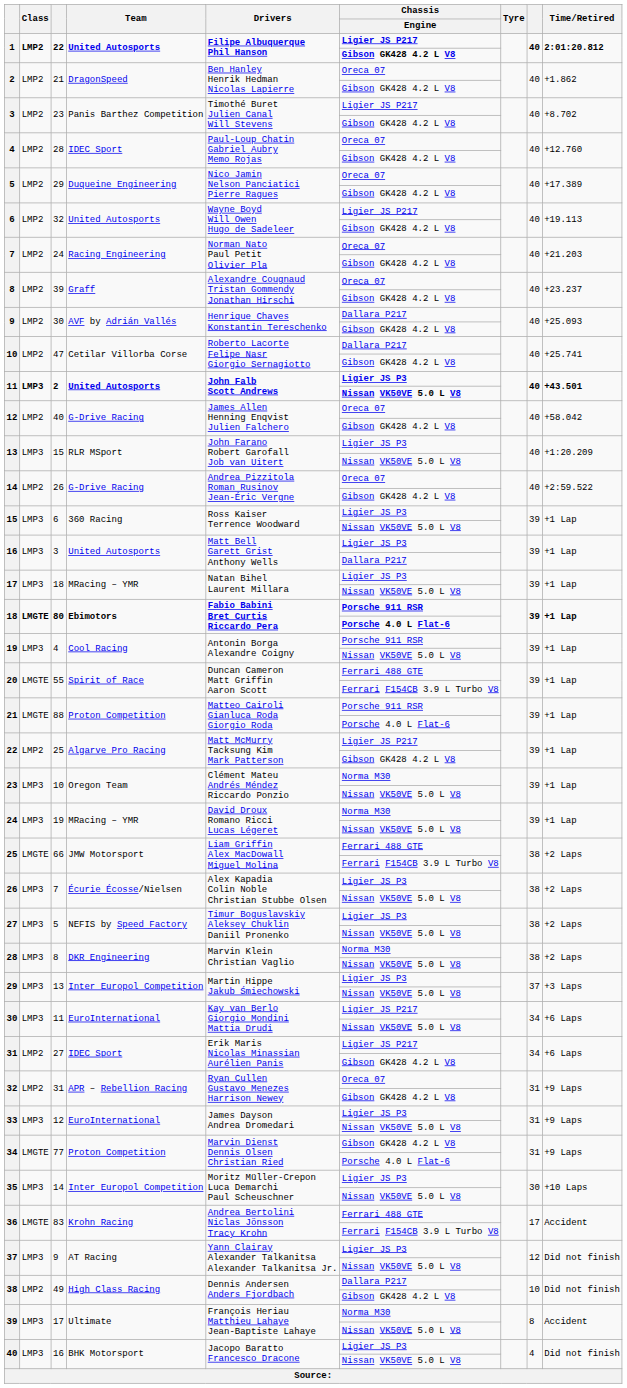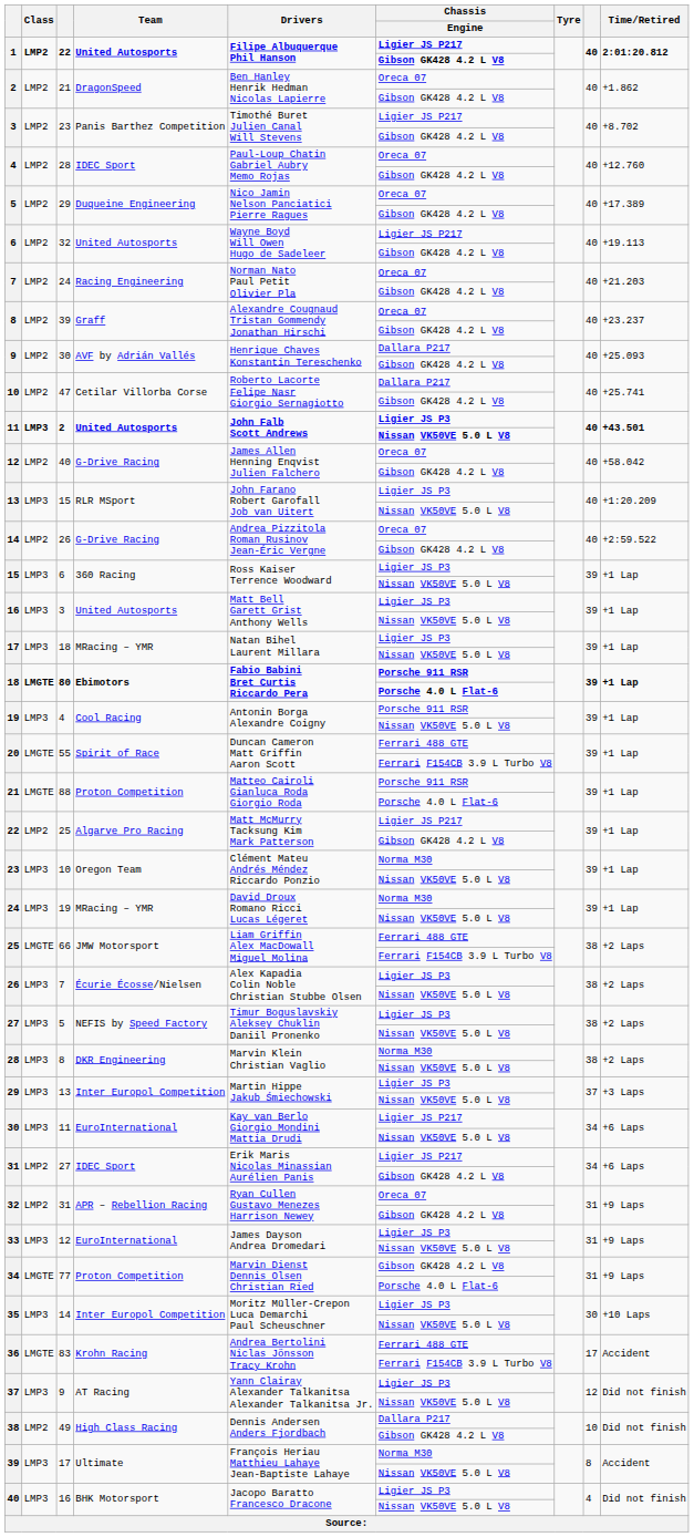 <table class="wikitable" style="font-size:95%;">
 <tr>
 <th rowspan=2></th>
 <th rowspan=2>Class</th>
 <th rowspan=2></th>
 <th rowspan=2>Team</th>
 <th rowspan=2>Drivers</th>
 <th>Chassis</th>
 <th rowspan=2>Tyre</th>
 <th rowspan=2></th>
 <th rowspan=2>Time/Retired</th>
 </tr>
 <tr>
 <th>Engine</th>
 </tr>
 <tr>
 <th rowspan=2>1</th>
 <td rowspan=2><strong>LMP2</strong></td>
 <td rowspan=2><strong>22</strong></td>
 <td rowspan=2><strong> <a href='#'>United Autosports</a></strong></td>
 <td rowspan=2><strong> <a href='#'>Filipe Albuquerque</a><br> <a href='#'>Phil Hanson</a></strong></td>
 <td><strong><a href='#'>Ligier JS P217</a></strong></td>
 <td rowspan=2></td>
 <td rowspan=2><strong>40</strong></td>
 <td rowspan=2><strong>2:01:20.812</strong></td>
 </tr>
 <tr>
 <td><strong><a href='#'>Gibson</a> GK428 4.2 L <a href='#'>V8</a></strong></td>
 </tr>
 <tr>
 <th rowspan=2>2</th>
 <td rowspan=2>LMP2</td>
 <td rowspan=2>21</td>
 <td rowspan=2> <a href='#'>DragonSpeed</a></td>
 <td rowspan=2> <a href='#'>Ben Hanley</a><br> Henrik Hedman<br> <a href='#'>Nicolas Lapierre</a></td>
 <td><a href='#'>Oreca 07</a></td>
 <td rowspan=2></td>
 <td rowspan=2>40</td>
 <td rowspan=2>+1.862</td>
 </tr>
 <tr>
 <td><a href='#'>Gibson</a> GK428 4.2 L <a href='#'>V8</a></td>
 </tr>
 <tr>
 <th rowspan=2>3</th>
 <td rowspan=2>LMP2</td>
 <td rowspan=2>23</td>
 <td rowspan=2> Panis Barthez Competition</td>
 <td rowspan=2> Timothé Buret<br> <a href='#'>Julien Canal</a><br> <a href='#'>Will Stevens</a></td>
 <td><a href='#'>Ligier JS P217</a></td>
 <td rowspan=2></td>
 <td rowspan=2>40</td>
 <td rowspan=2>+8.702</td>
 </tr>
 <tr>
 <td><a href='#'>Gibson</a> GK428 4.2 L <a href='#'>V8</a></td>
 </tr>
 <tr>
 <th rowspan=2>4</th>
 <td rowspan=2>LMP2</td>
 <td rowspan=2>28</td>
 <td rowspan=2> <a href='#'>IDEC Sport</a></td>
 <td rowspan=2> <a href='#'>Paul-Loup Chatin</a><br> <a href='#'>Gabriel Aubry</a><br> <a href='#'>Memo Rojas</a></td>
 <td><a href='#'>Oreca 07</a></td>
 <td rowspan=2></td>
 <td rowspan=2>40</td>
 <td rowspan=2>+12.760</td>
 </tr>
 <tr>
 <td><a href='#'>Gibson</a> GK428 4.2 L <a href='#'>V8</a></td>
 </tr>
 <tr>
 <th rowspan=2>5</th>
 <td rowspan=2>LMP2</td>
 <td rowspan=2>29</td>
 <td rowspan=2> <a href='#'>Duqueine Engineering</a></td>
 <td rowspan=2> <a href='#'>Nico Jamin</a><br> <a href='#'>Nelson Panciatici</a><br> <a href='#'>Pierre Ragues</a></td>
 <td><a href='#'>Oreca 07</a></td>
 <td rowspan=2></td>
 <td rowspan=2>40</td>
 <td rowspan=2>+17.389</td>
 </tr>
 <tr>
 <td><a href='#'>Gibson</a> GK428 4.2 L <a href='#'>V8</a></td>
 </tr>
 <tr>
 <th rowspan=2>6</th>
 <td rowspan=2>LMP2</td>
 <td rowspan=2>32</td>
 <td rowspan=2> <a href='#'>United Autosports</a></td>
 <td rowspan=2> <a href='#'>Wayne Boyd</a><br> <a href='#'>Will Owen</a><br> <a href='#'>Hugo de Sadeleer</a></td>
 <td><a href='#'>Ligier JS P217</a></td>
 <td rowspan=2></td>
 <td rowspan=2>40</td>
 <td rowspan=2>+19.113</td>
 </tr>
 <tr>
 <td><a href='#'>Gibson</a> GK428 4.2 L <a href='#'>V8</a></td>
 </tr>
 <tr>
 <th rowspan=2>7</th>
 <td rowspan=2>LMP2</td>
 <td rowspan=2>24</td>
 <td rowspan=2> <a href='#'>Racing Engineering</a></td>
 <td rowspan=2> <a href='#'>Norman Nato</a><br> Paul Petit<br> <a href='#'>Olivier Pla</a></td>
 <td><a href='#'>Oreca 07</a></td>
 <td rowspan=2></td>
 <td rowspan=2>40</td>
 <td rowspan=2>+21.203</td>
 </tr>
 <tr>
 <td><a href='#'>Gibson</a> GK428 4.2 L <a href='#'>V8</a></td>
 </tr>
 <tr>
 <th rowspan=2>8</th>
 <td rowspan=2>LMP2</td>
 <td rowspan=2>39</td>
 <td rowspan=2> <a href='#'>Graff</a></td>
 <td rowspan=2> <a href='#'>Alexandre Cougnaud</a><br> <a href='#'>Tristan Gommendy</a><br> <a href='#'>Jonathan Hirschi</a></td>
 <td><a href='#'>Oreca 07</a></td>
 <td rowspan=2></td>
 <td rowspan=2>40</td>
 <td rowspan=2>+23.237</td>
 </tr>
 <tr>
 <td><a href='#'>Gibson</a> GK428 4.2 L <a href='#'>V8</a></td>
 </tr>
 <tr>
 <th rowspan=2>9</th>
 <td rowspan=2>LMP2</td>
 <td rowspan=2>30</td>
 <td rowspan=2> <a href='#'>AVF</a> by <a href='#'>Adrián Vallés</a></td>
 <td rowspan=2> <a href='#'>Henrique Chaves</a><br> <a href='#'>Konstantin Tereschenko</a></td>
 <td><a href='#'>Dallara P217</a></td>
 <td rowspan=2></td>
 <td rowspan=2>40</td>
 <td rowspan=2>+25.093</td>
 </tr>
 <tr>
 <td><a href='#'>Gibson</a> GK428 4.2 L <a href='#'>V8</a></td>
 </tr>
 <tr>
 <th rowspan=2>10</th>
 <td rowspan=2>LMP2</td>
 <td rowspan=2>47</td>
 <td rowspan=2> Cetilar Villorba Corse</td>
 <td rowspan=2> <a href='#'>Roberto Lacorte</a><br> <a href='#'>Felipe Nasr</a><br> <a href='#'>Giorgio Sernagiotto</a></td>
 <td><a href='#'>Dallara P217</a></td>
 <td rowspan=2></td>
 <td rowspan=2>40</td>
 <td rowspan=2>+25.741</td>
 </tr>
 <tr>
 <td><a href='#'>Gibson</a> GK428 4.2 L <a href='#'>V8</a></td>
 </tr>
 <tr>
 <th rowspan=2>11</th>
 <td rowspan=2><strong>LMP3</strong></td>
 <td rowspan=2><strong>2</strong></td>
 <td rowspan=2><strong> <a href='#'>United Autosports</a></strong></td>
 <td rowspan=2><strong> <a href='#'>John Falb</a><br> <a href='#'>Scott Andrews</a></strong></td>
 <td><strong><a href='#'>Ligier JS P3</a></strong></td>
 <td rowspan=2></td>
 <td rowspan=2><strong>40</strong></td>
 <td rowspan=2><strong>+43.501</strong></td>
 </tr>
 <tr>
 <td><strong><a href='#'>Nissan</a> <a href='#'>VK50VE</a> 5.0 L <a href='#'>V8</a></strong></td>
 </tr>
 <tr>
 <th rowspan=2>12</th>
 <td rowspan=2>LMP2</td>
 <td rowspan=2>40</td>
 <td rowspan=2> <a href='#'>G-Drive Racing</a></td>
 <td rowspan=2> <a href='#'>James Allen</a><br> Henning Enqvist<br> <a href='#'>Julien Falchero</a></td>
 <td><a href='#'>Oreca 07</a></td>
 <td rowspan=2></td>
 <td rowspan=2>40</td>
 <td rowspan=2>+58.042</td>
 </tr>
 <tr>
 <td><a href='#'>Gibson</a> GK428 4.2 L <a href='#'>V8</a></td>
 </tr>
 <tr>
 <th rowspan=2>13</th>
 <td rowspan=2>LMP3</td>
 <td rowspan=2>15</td>
 <td rowspan=2> RLR MSport</td>
 <td rowspan=2> <a href='#'>John Farano</a><br> Robert Garofall<br> <a href='#'>Job van Uitert</a></td>
 <td><a href='#'>Ligier JS P3</a></td>
 <td rowspan=2></td>
 <td rowspan=2>40</td>
 <td rowspan=2>+1:20.209</td>
 </tr>
 <tr>
 <td><a href='#'>Nissan</a> <a href='#'>VK50VE</a> 5.0 L <a href='#'>V8</a></td>
 </tr>
 <tr>
 <th rowspan=2>14</th>
 <td rowspan=2>LMP2</td>
 <td rowspan=2>26</td>
 <td rowspan=2> <a href='#'>G-Drive Racing</a></td>
 <td rowspan=2> <a href='#'>Andrea Pizzitola</a><br> <a href='#'>Roman Rusinov</a><br> <a href='#'>Jean-Éric Vergne</a></td>
 <td><a href='#'>Oreca 07</a></td>
 <td rowspan=2></td>
 <td rowspan=2>40</td>
 <td rowspan=2>+2:59.522</td>
 </tr>
 <tr>
 <td><a href='#'>Gibson</a> GK428 4.2 L <a href='#'>V8</a></td>
 </tr>
 <tr>
 <th rowspan=2>15</th>
 <td rowspan=2>LMP3</td>
 <td rowspan=2>6</td>
 <td rowspan=2> 360 Racing</td>
 <td rowspan=2> Ross Kaiser<br> Terrence Woodward</td>
 <td><a href='#'>Ligier JS P3</a></td>
 <td rowspan=2></td>
 <td rowspan=2>39</td>
 <td rowspan=2>+1 Lap</td>
 </tr>
 <tr>
 <td><a href='#'>Nissan</a> <a href='#'>VK50VE</a> 5.0 L <a href='#'>V8</a></td>
 </tr>
 <tr>
 <th rowspan=2>16</th>
 <td rowspan=2>LMP3</td>
 <td rowspan=2>3</td>
 <td rowspan=2> <a href='#'>United Autosports</a></td>
 <td rowspan=2> <a href='#'>Matt Bell</a><br> <a href='#'>Garett Grist</a><br> Anthony Wells</td>
 <td><a href='#'>Ligier JS P3</a></td>
 <td rowspan=2></td>
 <td rowspan=2>39</td>
 <td rowspan=2>+1 Lap</td>
 </tr>
 <tr>
-<td><a href='#'>Dallara P217</a></td>
+<td><a href='#'>Nissan</a> <a href='#'>VK50VE</a> 5.0 L <a href='#'>V8</a></td>
 </tr>
 <tr>
 <th rowspan=2>17</th>
 <td rowspan=2>LMP3</td>
 <td rowspan=2>18</td>
 <td rowspan=2> MRacing – YMR</td>
 <td rowspan=2> Natan Bihel<br> Laurent Millara</td>
 <td><a href='#'>Ligier JS P3</a></td>
 <td rowspan=2></td>
 <td rowspan=2>39</td>
 <td rowspan=2>+1 Lap</td>
 </tr>
 <tr>
 <td><a href='#'>Nissan</a> <a href='#'>VK50VE</a> 5.0 L <a href='#'>V8</a></td>
 </tr>
 <tr>
 <th rowspan=2>18</th>
 <td rowspan=2><strong>LMGTE</strong></td>
 <td rowspan=2><strong>80</strong></td>
 <td rowspan=2><strong> Ebimotors</strong></td>
 <td rowspan=2><strong> <a href='#'>Fabio Babini</a><br> <a href='#'>Bret Curtis</a><br> <a href='#'>Riccardo Pera</a></strong></td>
 <td><a href='#'><strong>Porsche 911 RSR</strong></a></td>
 <td rowspan=2></td>
 <td rowspan=2><strong>39</strong></td>
 <td rowspan=2><strong>+1 Lap</strong></td>
 </tr>
 <tr>
 <td><strong><a href='#'>Porsche</a> 4.0 L <a href='#'>Flat-6</a></strong></td>
 </tr>
 <tr>
 <th rowspan=2>19</th>
 <td rowspan=2>LMP3</td>
 <td rowspan=2>4</td>
 <td rowspan=2> <a href='#'>Cool Racing</a></td>
 <td rowspan=2> Antonin Borga<br> Alexandre Coigny</td>
 <td><a href='#'>Porsche 911 RSR</a></td>
 <td rowspan=2></td>
 <td rowspan=2>39</td>
 <td rowspan=2>+1 Lap</td>
 </tr>
 <tr>
 <td><a href='#'>Nissan</a> <a href='#'>VK50VE</a> 5.0 L <a href='#'>V8</a></td>
 </tr>
 <tr>
 <th rowspan=2>20</th>
 <td rowspan=2>LMGTE</td>
 <td rowspan=2>55</td>
 <td rowspan=2> <a href='#'>Spirit of Race</a></td>
 <td rowspan=2> Duncan Cameron<br> Matt Griffin<br> Aaron Scott</td>
 <td><a href='#'>Ferrari 488 GTE</a></td>
 <td rowspan=2></td>
 <td rowspan=2>39</td>
 <td rowspan=2>+1 Lap</td>
 </tr>
 <tr>
 <td><a href='#'>Ferrari</a> <a href='#'>F154CB</a> 3.9 L Turbo <a href='#'>V8</a></td>
 </tr>
 <tr>
 <th rowspan=2>21</th>
 <td rowspan=2>LMGTE</td>
 <td rowspan=2>88</td>
 <td rowspan=2> <a href='#'>Proton Competition</a></td>
 <td rowspan=2 nowrap> <a href='#'>Matteo Cairoli</a><br> <a href='#'>Gianluca Roda</a><br> <a href='#'>Giorgio Roda</a></td>
 <td><a href='#'>Porsche 911 RSR</a></td>
 <td rowspan=2></td>
 <td rowspan=2>39</td>
 <td rowspan=2>+1 Lap</td>
 </tr>
 <tr>
 <td><a href='#'>Porsche</a> 4.0 L <a href='#'>Flat-6</a></td>
 </tr>
 <tr>
 <th rowspan=2>22</th>
 <td rowspan=2>LMP2</td>
 <td rowspan=2>25</td>
 <td rowspan=2> <a href='#'>Algarve Pro Racing</a></td>
 <td rowspan=2> <a href='#'>Matt McMurry</a><br> Tacksung Kim<br> <a href='#'>Mark Patterson</a></td>
 <td><a href='#'>Ligier JS P217</a></td>
 <td rowspan=2></td>
 <td rowspan=2>39</td>
 <td rowspan=2>+1 Lap</td>
 </tr>
 <tr>
 <td><a href='#'>Gibson</a> GK428 4.2 L <a href='#'>V8</a></td>
 </tr>
 <tr>
 <th rowspan=2>23</th>
 <td rowspan=2>LMP3</td>
 <td rowspan=2>10</td>
 <td rowspan=2> Oregon Team</td>
 <td rowspan=2> Clément Mateu<br> <a href='#'>Andrés Méndez</a><br> Riccardo Ponzio</td>
 <td><a href='#'>Norma M30</a></td>
 <td rowspan=2></td>
 <td rowspan=2>39</td>
 <td rowspan=2>+1 Lap</td>
 </tr>
 <tr>
 <td><a href='#'>Nissan</a> <a href='#'>VK50VE</a> 5.0 L <a href='#'>V8</a></td>
 </tr>
 <tr>
 <th rowspan=2>24</th>
 <td rowspan=2>LMP3</td>
 <td rowspan=2>19</td>
 <td rowspan=2> MRacing – YMR</td>
 <td rowspan=2> <a href='#'>David Droux</a><br> Romano Ricci<br> <a href='#'>Lucas Légeret</a></td>
 <td><a href='#'>Norma M30</a></td>
 <td rowspan=2></td>
 <td rowspan=2>39</td>
 <td rowspan=2>+1 Lap</td>
 </tr>
 <tr>
 <td><a href='#'>Nissan</a> <a href='#'>VK50VE</a> 5.0 L <a href='#'>V8</a></td>
 </tr>
 <tr>
 <th rowspan=2>25</th>
 <td rowspan=2>LMGTE</td>
 <td rowspan=2>66</td>
 <td rowspan=2> JMW Motorsport</td>
 <td rowspan=2> <a href='#'>Liam Griffin</a><br> <a href='#'>Alex MacDowall</a><br> <a href='#'>Miguel Molina</a></td>
 <td><a href='#'>Ferrari 488 GTE</a></td>
 <td rowspan=2></td>
 <td rowspan=2>38</td>
 <td rowspan=2>+2 Laps</td>
 </tr>
 <tr>
 <td><a href='#'>Ferrari</a> <a href='#'>F154CB</a> 3.9 L Turbo <a href='#'>V8</a></td>
 </tr>
 <tr>
 <th rowspan=2>26</th>
 <td rowspan=2>LMP3</td>
 <td rowspan=2>7</td>
 <td rowspan=2> <a href='#'>Écurie Écosse</a>/Nielsen</td>
 <td rowspan=2> Alex Kapadia<br> Colin Noble<br> Christian Stubbe Olsen</td>
 <td><a href='#'>Ligier JS P3</a></td>
 <td rowspan=2></td>
 <td rowspan=2>38</td>
 <td rowspan=2>+2 Laps</td>
 </tr>
 <tr>
 <td><a href='#'>Nissan</a> <a href='#'>VK50VE</a> 5.0 L <a href='#'>V8</a></td>
 </tr>
 <tr>
 <th rowspan=2>27</th>
 <td rowspan=2>LMP3</td>
 <td rowspan=2>5</td>
 <td rowspan=2> NEFIS by <a href='#'>Speed Factory</a></td>
 <td rowspan=2> <a href='#'>Timur Boguslavskiy</a><br> <a href='#'>Aleksey Chuklin</a><br> Daniil Pronenko</td>
 <td><a href='#'>Ligier JS P3</a></td>
 <td rowspan=2></td>
 <td rowspan=2>38</td>
 <td rowspan=2>+2 Laps</td>
 </tr>
 <tr>
 <td><a href='#'>Nissan</a> <a href='#'>VK50VE</a> 5.0 L <a href='#'>V8</a></td>
 </tr>
 <tr>
 <th rowspan=2>28</th>
 <td rowspan=2>LMP3</td>
 <td rowspan=2>8</td>
 <td rowspan=2> <a href='#'>DKR Engineering</a></td>
 <td rowspan=2> Marvin Klein<br> Christian Vaglio</td>
 <td><a href='#'>Norma M30</a></td>
 <td rowspan=2></td>
 <td rowspan=2>38</td>
 <td rowspan=2>+2 Laps</td>
 </tr>
 <tr>
 <td><a href='#'>Nissan</a> <a href='#'>VK50VE</a> 5.0 L <a href='#'>V8</a></td>
 </tr>
 <tr>
 <th rowspan=2>29</th>
 <td rowspan=2>LMP3</td>
 <td rowspan=2>13</td>
 <td rowspan=2> <a href='#'>Inter Europol Competition</a></td>
 <td rowspan=2> Martin Hippe<br> <a href='#'>Jakub Śmiechowski</a></td>
 <td><a href='#'>Ligier JS P3</a></td>
 <td rowspan=2></td>
 <td rowspan=2>37</td>
 <td rowspan=2>+3 Laps</td>
 </tr>
 <tr>
 <td><a href='#'>Nissan</a> <a href='#'>VK50VE</a> 5.0 L <a href='#'>V8</a></td>
 </tr>
 <tr>
 <th rowspan=2>30</th>
 <td rowspan=2>LMP3</td>
 <td rowspan=2>11</td>
 <td rowspan=2> <a href='#'>EuroInternational</a></td>
 <td rowspan=2> <a href='#'>Kay van Berlo</a><br> <a href='#'>Giorgio Mondini</a><br> <a href='#'>Mattia Drudi</a></td>
 <td><a href='#'>Ligier JS P217</a></td>
 <td rowspan=2></td>
 <td rowspan=2>34</td>
 <td rowspan=2>+6 Laps</td>
 </tr>
 <tr>
 <td><a href='#'>Nissan</a> <a href='#'>VK50VE</a> 5.0 L <a href='#'>V8</a></td>
 </tr>
 <tr>
 <th rowspan=2>31</th>
 <td rowspan=2>LMP2</td>
 <td rowspan=2>27</td>
 <td rowspan=2> <a href='#'>IDEC Sport</a></td>
 <td rowspan=2> Erik Maris<br> <a href='#'>Nicolas Minassian</a><br> <a href='#'>Aurélien Panis</a></td>
 <td><a href='#'>Ligier JS P217</a></td>
 <td rowspan=2></td>
 <td rowspan=2>34</td>
 <td rowspan=2>+6 Laps</td>
 </tr>
 <tr>
 <td><a href='#'>Gibson</a> GK428 4.2 L <a href='#'>V8</a></td>
 </tr>
 <tr>
 <th rowspan=2>32</th>
 <td rowspan=2>LMP2</td>
 <td rowspan=2>31</td>
 <td rowspan=2> <a href='#'>APR</a> – <a href='#'>Rebellion Racing</a></td>
 <td rowspan=2> <a href='#'>Ryan Cullen</a><br> <a href='#'>Gustavo Menezes</a><br> <a href='#'>Harrison Newey</a></td>
 <td><a href='#'>Oreca 07</a></td>
 <td rowspan=2></td>
 <td rowspan=2>31</td>
 <td rowspan=2>+9 Laps</td>
 </tr>
 <tr>
 <td><a href='#'>Gibson</a> GK428 4.2 L <a href='#'>V8</a></td>
 </tr>
 <tr>
 <th rowspan=2>33</th>
 <td rowspan=2>LMP3</td>
 <td rowspan=2>12</td>
 <td rowspan=2> <a href='#'>EuroInternational</a></td>
 <td rowspan=2> James Dayson<br> Andrea Dromedari</td>
 <td><a href='#'>Ligier JS P3</a></td>
 <td rowspan=2></td>
 <td rowspan=2>31</td>
 <td rowspan=2>+9 Laps</td>
 </tr>
 <tr>
 <td><a href='#'>Nissan</a> <a href='#'>VK50VE</a> 5.0 L <a href='#'>V8</a></td>
 </tr>
 <tr>
 <th rowspan=2>34</th>
 <td rowspan=2>LMGTE</td>
 <td rowspan=2>77</td>
 <td rowspan=2> <a href='#'>Proton Competition</a></td>
 <td rowspan=2> <a href='#'>Marvin Dienst</a><br> <a href='#'>Dennis Olsen</a><br> <a href='#'>Christian Ried</a></td>
 <td><a href='#'>Gibson</a> GK428 4.2 L <a href='#'>V8</a></td>
 <td rowspan=2></td>
 <td rowspan=2>31</td>
 <td rowspan=2>+9 Laps</td>
 </tr>
 <tr>
 <td><a href='#'>Porsche</a> 4.0 L <a href='#'>Flat-6</a></td>
 </tr>
 <tr>
 <th rowspan=2>35</th>
 <td rowspan=2>LMP3</td>
 <td rowspan=2>14</td>
 <td rowspan=2> <a href='#'>Inter Europol Competition</a></td>
 <td rowspan=2> Moritz Müller-Crepon<br> Luca Demarchi<br> Paul Scheuschner</td>
 <td><a href='#'>Ligier JS P3</a></td>
 <td rowspan=2></td>
 <td rowspan=2>30</td>
 <td rowspan=2>+10 Laps</td>
 </tr>
 <tr>
 <td><a href='#'>Nissan</a> <a href='#'>VK50VE</a> 5.0 L <a href='#'>V8</a></td>
 </tr>
 <tr>
 <th rowspan=2>36</th>
 <td rowspan=2>LMGTE</td>
 <td rowspan=2>83</td>
 <td rowspan=2> <a href='#'>Krohn Racing</a></td>
 <td rowspan=2> <a href='#'>Andrea Bertolini</a><br> <a href='#'>Niclas Jönsson</a><br> <a href='#'>Tracy Krohn</a></td>
 <td><a href='#'>Ferrari 488 GTE</a></td>
 <td rowspan=2></td>
 <td rowspan=2>17</td>
 <td rowspan=2>Accident</td>
 </tr>
 <tr>
 <td><a href='#'>Ferrari</a> <a href='#'>F154CB</a> 3.9 L Turbo <a href='#'>V8</a></td>
 </tr>
 <tr>
 <th rowspan=2>37</th>
 <td rowspan=2>LMP3</td>
 <td rowspan=2>9</td>
 <td rowspan=2> AT Racing</td>
 <td rowspan=2> <a href='#'>Yann Clairay</a><br> Alexander Talkanitsa<br> Alexander Talkanitsa Jr.</td>
 <td><a href='#'>Ligier JS P3</a></td>
 <td rowspan=2></td>
 <td rowspan=2>12</td>
 <td rowspan=2>Did not finish</td>
 </tr>
 <tr>
 <td><a href='#'>Nissan</a> <a href='#'>VK50VE</a> 5.0 L <a href='#'>V8</a></td>
 </tr>
 <tr>
 <th rowspan=2>38</th>
 <td rowspan=2>LMP2</td>
 <td rowspan=2>49</td>
 <td rowspan=2> <a href='#'>High Class Racing</a></td>
 <td rowspan=2> Dennis Andersen<br> <a href='#'>Anders Fjordbach</a></td>
 <td><a href='#'>Dallara P217</a></td>
 <td rowspan=2></td>
 <td rowspan=2>10</td>
 <td rowspan=2>Did not finish</td>
 </tr>
 <tr>
 <td><a href='#'>Gibson</a> GK428 4.2 L <a href='#'>V8</a></td>
 </tr>
 <tr>
 <th rowspan=2>39</th>
 <td rowspan=2>LMP3</td>
 <td rowspan=2>17</td>
 <td rowspan=2> Ultimate</td>
 <td rowspan=2> François Heriau<br> <a href='#'>Matthieu Lahaye</a><br> Jean-Baptiste Lahaye</td>
 <td><a href='#'>Norma M30</a></td>
 <td rowspan=2></td>
 <td rowspan=2>8</td>
 <td rowspan=2>Accident</td>
 </tr>
 <tr>
 <td><a href='#'>Nissan</a> <a href='#'>VK50VE</a> 5.0 L <a href='#'>V8</a></td>
 </tr>
 <tr>
 <th rowspan=2>40</th>
 <td rowspan=2>LMP3</td>
 <td rowspan=2>16</td>
 <td rowspan=2> BHK Motorsport</td>
 <td rowspan=2> Jacopo Baratto<br> <a href='#'>Francesco Dracone</a></td>
 <td><a href='#'>Ligier JS P3</a></td>
 <td rowspan=2></td>
 <td rowspan=2>4</td>
 <td rowspan=2>Did not finish</td>
 </tr>
 <tr>
 <td><a href='#'>Nissan</a> <a href='#'>VK50VE</a> 5.0 L <a href='#'>V8</a></td>
 </tr>
 <tr>
 <th colspan="9">Source:</th>
 </tr>
 </table>
